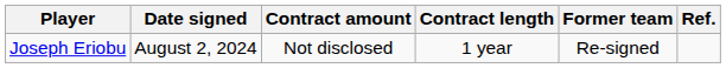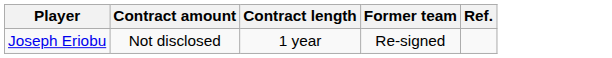 <table class="wikitable sortable sortable">
 <tr>
 <th>Player</th>
-<th>Date signed</th>
 <th>Contract amount</th>
 <th>Contract length</th>
 <th>Former team</th>
 <th>Ref.</th>
 </tr>
 <tr>
 <td align=center><a href='#'>Joseph Eriobu</a></td>
-<td align=center>August 2, 2024</td>
 <td align=center>Not disclosed</td>
 <td align=center>1 year</td>
 <td align=center>Re-signed</td>
 <td align=center></td>
 </tr>
 </table>
